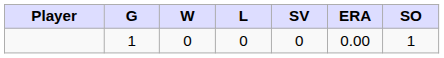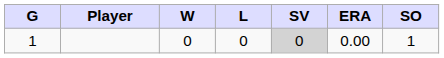 <table class="wikitable sortable">
 <tr>
+<th style="background:#ddf; width:9%;">G</th>
 <th style="background:#ddf; width:16%;">Player</th>
-<th style="background:#ddf; width:9%;">G</th>
 <th style="background:#ddf; width:9%;">W</th>
 <th style="background:#ddf; width:9%;">L</th>
 <th style="background:#ddf; width:9%;">SV</th>
 <th style="background:#ddf; width:9%;">ERA</th>
 <th style="background:#ddf; width:9%;">SO</th>
 </tr>
 <tr style="text-align:center;">
+<td>1</td>
 <td></td>
-<td>1</td>
 <td>0</td>
 <td>0</td>
-<td>0</td>
+<td style="background: lightgrey;">0</td>
 <td>0.00</td>
 <td>1</td>
 </tr>
 </table>
